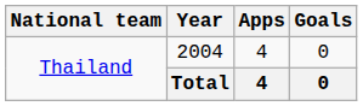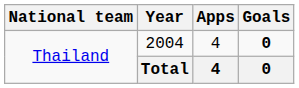 <table class="wikitable" style="text-align:center">
 <tr>
 <th>National team</th>
 <th>Year</th>
 <th>Apps</th>
 <th>Goals</th>
 </tr>
 <tr>
 <td rowspan="2" valign="center"><a href='#'>Thailand</a></td>
 <td>2004</td>
 <td>4</td>
-<td>0</td>
+<td><strong>0</strong></td>
 </tr>
 <tr>
 <th>Total</th>
 <th>4</th>
 <th>0</th>
 </tr>
 </table>
